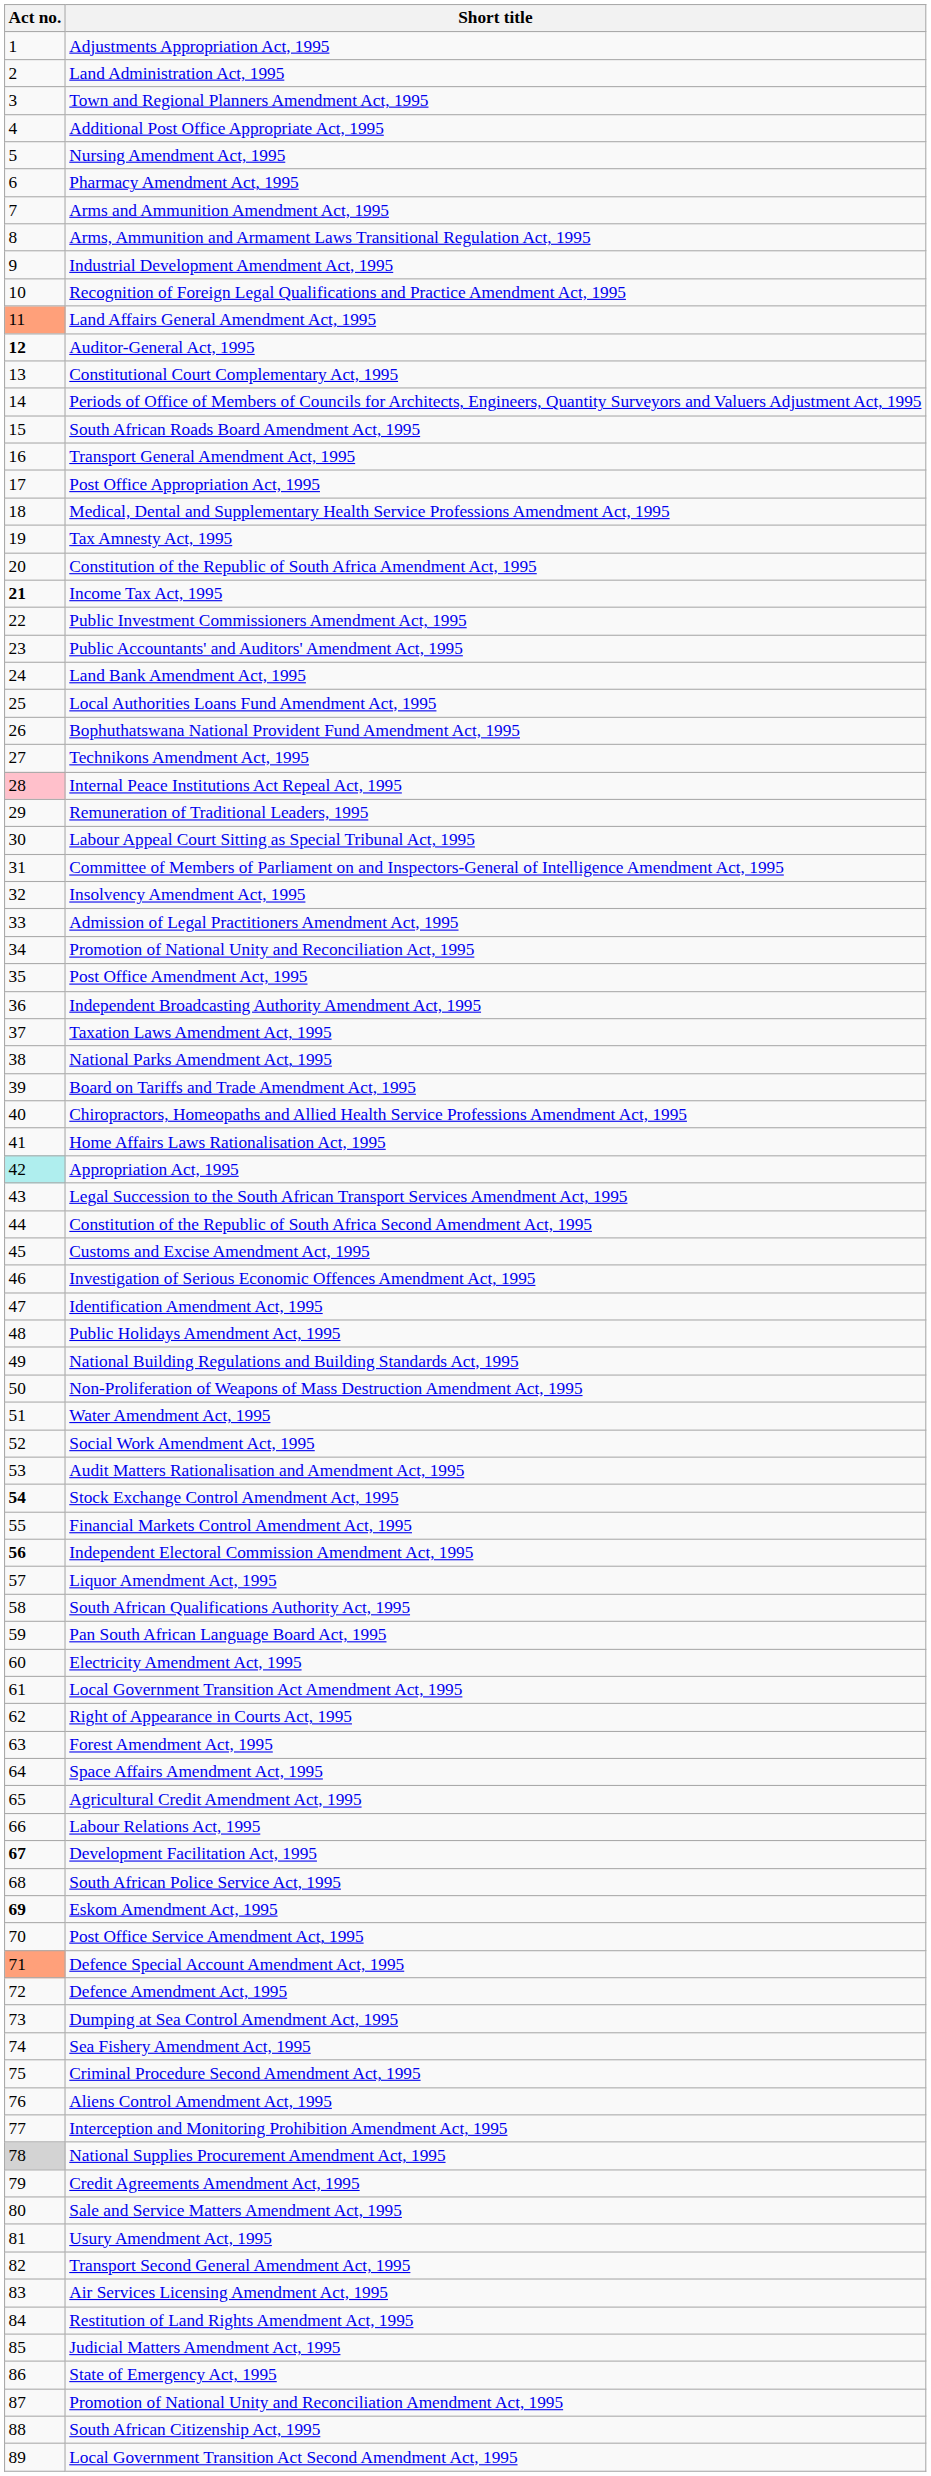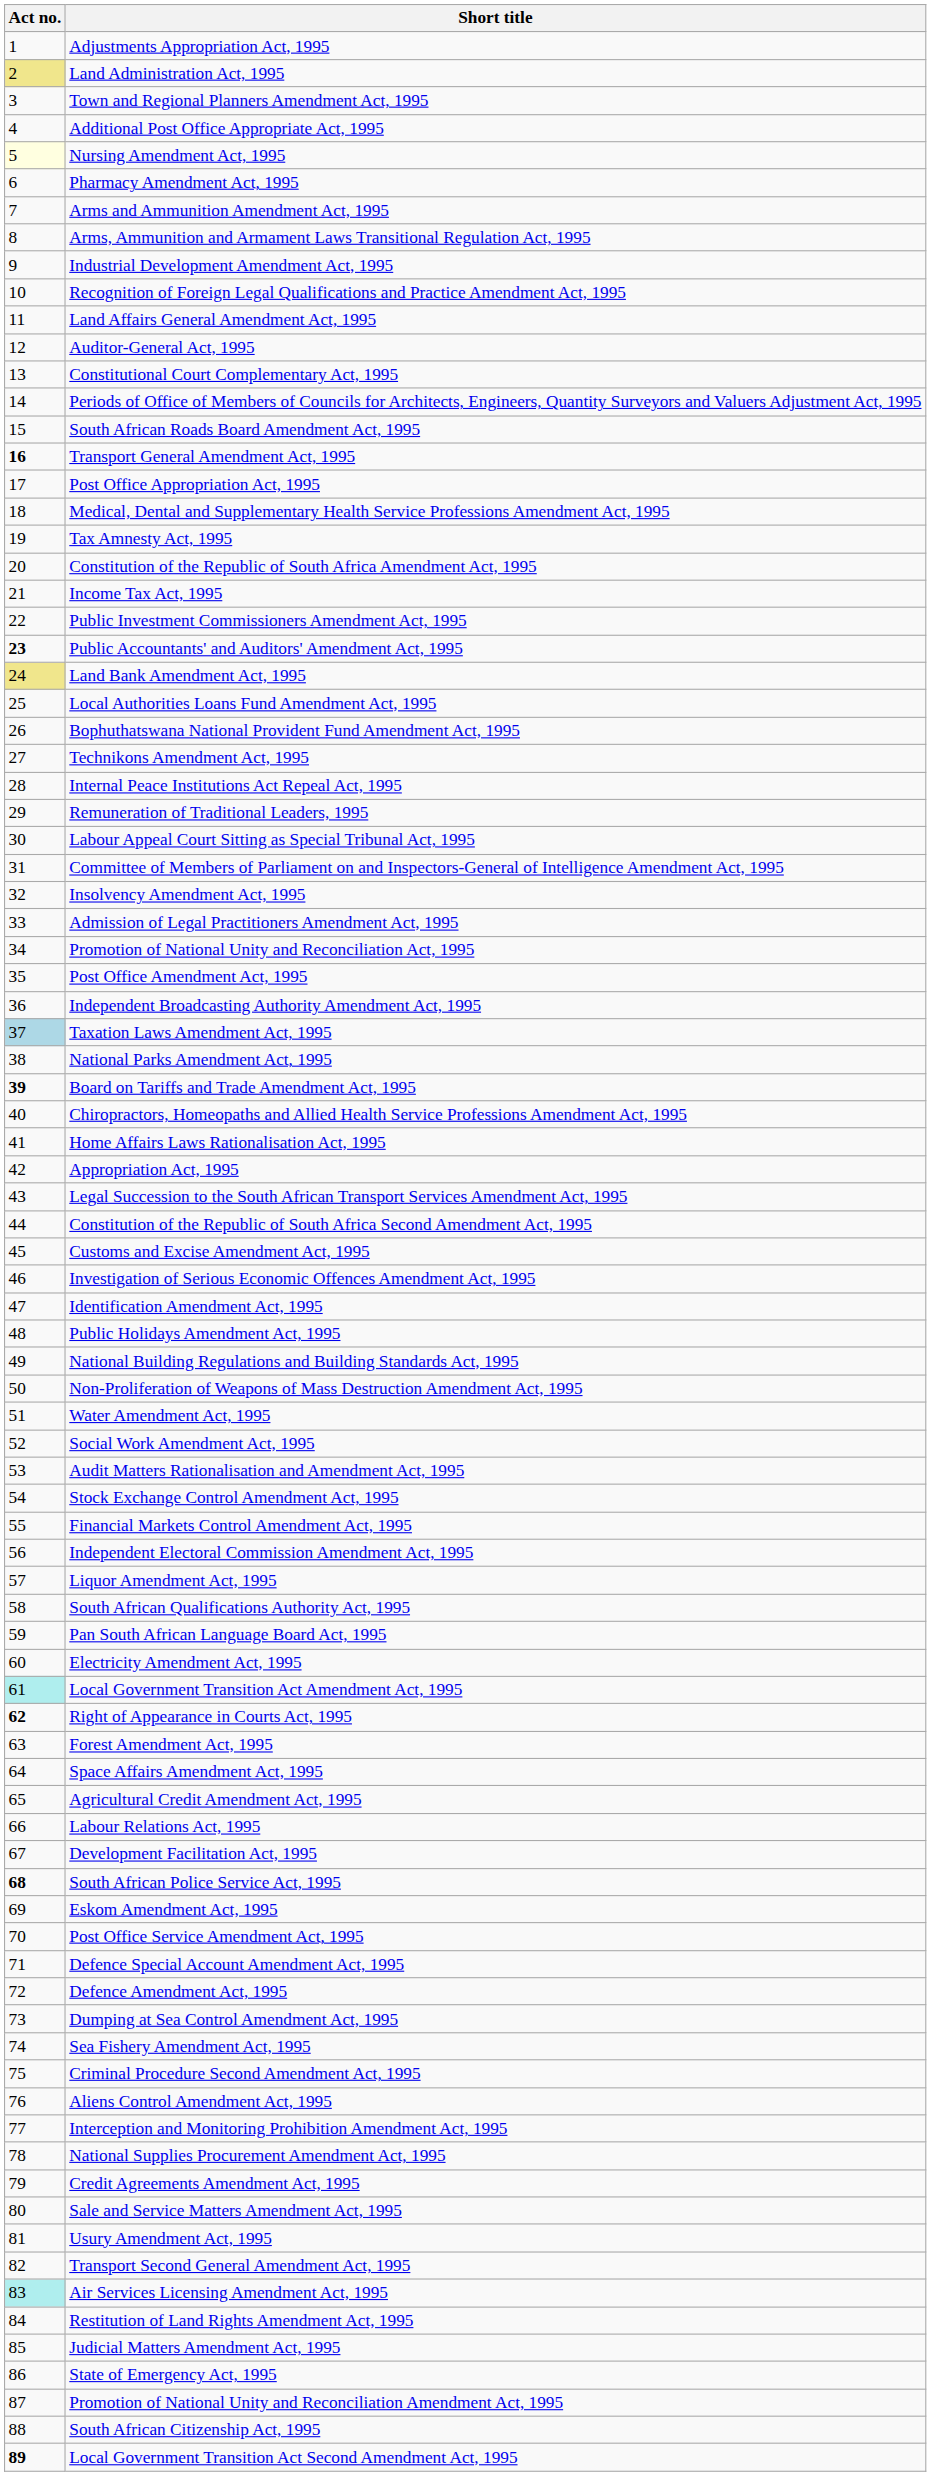 <table class="wikitable sortable">
 <tr>
 <th>Act no.</th>
 <th>Short title</th>
 </tr>
 <tr>
 <td>1</td>
 <td><a href='#'>Adjustments Appropriation Act, 1995</a></td>
 </tr>
 <tr>
-<td>2</td>
+<td style="background: khaki;">2</td>
 <td><a href='#'>Land Administration Act, 1995</a></td>
 </tr>
 <tr>
 <td>3</td>
 <td><a href='#'>Town and Regional Planners Amendment Act, 1995</a></td>
 </tr>
 <tr>
 <td>4</td>
 <td><a href='#'>Additional Post Office Appropriate Act, 1995</a></td>
 </tr>
 <tr>
-<td>5</td>
+<td style="background: lightyellow;">5</td>
 <td><a href='#'>Nursing Amendment Act, 1995</a></td>
 </tr>
 <tr>
 <td>6</td>
 <td><a href='#'>Pharmacy Amendment Act, 1995</a></td>
 </tr>
 <tr>
 <td>7</td>
 <td><a href='#'>Arms and Ammunition Amendment Act, 1995</a></td>
 </tr>
 <tr>
 <td>8</td>
 <td><a href='#'>Arms, Ammunition and Armament Laws Transitional Regulation Act, 1995</a></td>
 </tr>
 <tr>
 <td>9</td>
 <td><a href='#'>Industrial Development Amendment Act, 1995</a></td>
 </tr>
 <tr>
 <td>10</td>
 <td><a href='#'>Recognition of Foreign Legal Qualifications and Practice Amendment Act, 1995</a></td>
 </tr>
 <tr>
-<td style="background: lightsalmon;">11</td>
+<td>11</td>
 <td><a href='#'>Land Affairs General Amendment Act, 1995</a></td>
 </tr>
 <tr>
-<td><strong>12</strong></td>
+<td>12</td>
 <td><a href='#'>Auditor-General Act, 1995</a></td>
 </tr>
 <tr>
 <td>13</td>
 <td><a href='#'>Constitutional Court Complementary Act, 1995</a></td>
 </tr>
 <tr>
 <td>14</td>
 <td><a href='#'>Periods of Office of Members of Councils for Architects, Engineers, Quantity Surveyors and Valuers Adjustment Act, 1995</a></td>
 </tr>
 <tr>
 <td>15</td>
 <td><a href='#'>South African Roads Board Amendment Act, 1995</a></td>
 </tr>
 <tr>
-<td>16</td>
+<td><strong>16</strong></td>
 <td><a href='#'>Transport General Amendment Act, 1995</a></td>
 </tr>
 <tr>
 <td>17</td>
 <td><a href='#'>Post Office Appropriation Act, 1995</a></td>
 </tr>
 <tr>
 <td>18</td>
 <td><a href='#'>Medical, Dental and Supplementary Health Service Professions Amendment Act, 1995</a></td>
 </tr>
 <tr>
 <td>19</td>
 <td><a href='#'>Tax Amnesty Act, 1995</a></td>
 </tr>
 <tr>
 <td>20</td>
 <td><a href='#'>Constitution of the Republic of South Africa Amendment Act, 1995</a></td>
 </tr>
 <tr>
-<td><strong>21</strong></td>
+<td>21</td>
 <td><a href='#'>Income Tax Act, 1995</a></td>
 </tr>
 <tr>
 <td>22</td>
 <td><a href='#'>Public Investment Commissioners Amendment Act, 1995</a></td>
 </tr>
 <tr>
-<td>23</td>
+<td><strong>23</strong></td>
 <td><a href='#'>Public Accountants' and Auditors' Amendment Act, 1995</a></td>
 </tr>
 <tr>
-<td>24</td>
+<td style="background: khaki;">24</td>
 <td><a href='#'>Land Bank Amendment Act, 1995</a></td>
 </tr>
 <tr>
 <td>25</td>
 <td><a href='#'>Local Authorities Loans Fund Amendment Act, 1995</a></td>
 </tr>
 <tr>
 <td>26</td>
 <td><a href='#'>Bophuthatswana National Provident Fund Amendment Act, 1995</a></td>
 </tr>
 <tr>
 <td>27</td>
 <td><a href='#'>Technikons Amendment Act, 1995</a></td>
 </tr>
 <tr>
-<td style="background: pink;">28</td>
+<td>28</td>
 <td><a href='#'>Internal Peace Institutions Act Repeal Act, 1995</a></td>
 </tr>
 <tr>
 <td>29</td>
 <td><a href='#'>Remuneration of Traditional Leaders, 1995</a></td>
 </tr>
 <tr>
 <td>30</td>
 <td><a href='#'>Labour Appeal Court Sitting as Special Tribunal Act, 1995</a></td>
 </tr>
 <tr>
 <td>31</td>
 <td><a href='#'>Committee of Members of Parliament on and Inspectors-General of Intelligence Amendment Act, 1995</a></td>
 </tr>
 <tr>
 <td>32</td>
 <td><a href='#'>Insolvency Amendment Act, 1995</a></td>
 </tr>
 <tr>
 <td>33</td>
 <td><a href='#'>Admission of Legal Practitioners Amendment Act, 1995</a></td>
 </tr>
 <tr>
 <td>34</td>
 <td><a href='#'>Promotion of National Unity and Reconciliation Act, 1995</a></td>
 </tr>
 <tr>
 <td>35</td>
 <td><a href='#'>Post Office Amendment Act, 1995</a></td>
 </tr>
 <tr>
 <td>36</td>
 <td><a href='#'>Independent Broadcasting Authority Amendment Act, 1995</a></td>
 </tr>
 <tr>
-<td>37</td>
+<td style="background: lightblue;">37</td>
 <td><a href='#'>Taxation Laws Amendment Act, 1995</a></td>
 </tr>
 <tr>
 <td>38</td>
 <td><a href='#'>National Parks Amendment Act, 1995</a></td>
 </tr>
 <tr>
-<td>39</td>
+<td><strong>39</strong></td>
 <td><a href='#'>Board on Tariffs and Trade Amendment Act, 1995</a></td>
 </tr>
 <tr>
 <td>40</td>
 <td><a href='#'>Chiropractors, Homeopaths and Allied Health Service Professions Amendment Act, 1995</a></td>
 </tr>
 <tr>
 <td>41</td>
 <td><a href='#'>Home Affairs Laws Rationalisation Act, 1995</a></td>
 </tr>
 <tr>
-<td style="background: paleturquoise;">42</td>
+<td>42</td>
 <td><a href='#'>Appropriation Act, 1995</a></td>
 </tr>
 <tr>
 <td>43</td>
 <td><a href='#'>Legal Succession to the South African Transport Services Amendment Act, 1995</a></td>
 </tr>
 <tr>
 <td>44</td>
 <td><a href='#'>Constitution of the Republic of South Africa Second Amendment Act, 1995</a></td>
 </tr>
 <tr>
 <td>45</td>
 <td><a href='#'>Customs and Excise Amendment Act, 1995</a></td>
 </tr>
 <tr>
 <td>46</td>
 <td><a href='#'>Investigation of Serious Economic Offences Amendment Act, 1995</a></td>
 </tr>
 <tr>
 <td>47</td>
 <td><a href='#'>Identification Amendment Act, 1995</a></td>
 </tr>
 <tr>
 <td>48</td>
 <td><a href='#'>Public Holidays Amendment Act, 1995</a></td>
 </tr>
 <tr>
 <td>49</td>
 <td><a href='#'>National Building Regulations and Building Standards Act, 1995</a></td>
 </tr>
 <tr>
 <td>50</td>
 <td><a href='#'>Non-Proliferation of Weapons of Mass Destruction Amendment Act, 1995</a></td>
 </tr>
 <tr>
 <td>51</td>
 <td><a href='#'>Water Amendment Act, 1995</a></td>
 </tr>
 <tr>
 <td>52</td>
 <td><a href='#'>Social Work Amendment Act, 1995</a></td>
 </tr>
 <tr>
 <td>53</td>
 <td><a href='#'>Audit Matters Rationalisation and Amendment Act, 1995</a></td>
 </tr>
 <tr>
-<td><strong>54</strong></td>
+<td>54</td>
 <td><a href='#'>Stock Exchange Control Amendment Act, 1995</a></td>
 </tr>
 <tr>
 <td>55</td>
 <td><a href='#'>Financial Markets Control Amendment Act, 1995</a></td>
 </tr>
 <tr>
-<td><strong>56</strong></td>
+<td>56</td>
 <td><a href='#'>Independent Electoral Commission Amendment Act, 1995</a></td>
 </tr>
 <tr>
 <td>57</td>
 <td><a href='#'>Liquor Amendment Act, 1995</a></td>
 </tr>
 <tr>
 <td>58</td>
 <td><a href='#'>South African Qualifications Authority Act, 1995</a></td>
 </tr>
 <tr>
 <td>59</td>
 <td><a href='#'>Pan South African Language Board Act, 1995</a></td>
 </tr>
 <tr>
 <td>60</td>
 <td><a href='#'>Electricity Amendment Act, 1995</a></td>
 </tr>
 <tr>
-<td>61</td>
+<td style="background: paleturquoise;">61</td>
 <td><a href='#'>Local Government Transition Act Amendment Act, 1995</a></td>
 </tr>
 <tr>
-<td>62</td>
+<td><strong>62</strong></td>
 <td><a href='#'>Right of Appearance in Courts Act, 1995</a></td>
 </tr>
 <tr>
 <td>63</td>
 <td><a href='#'>Forest Amendment Act, 1995</a></td>
 </tr>
 <tr>
 <td>64</td>
 <td><a href='#'>Space Affairs Amendment Act, 1995</a></td>
 </tr>
 <tr>
 <td>65</td>
 <td><a href='#'>Agricultural Credit Amendment Act, 1995</a></td>
 </tr>
 <tr>
 <td>66</td>
 <td><a href='#'>Labour Relations Act, 1995</a></td>
 </tr>
 <tr>
-<td><strong>67</strong></td>
+<td>67</td>
 <td><a href='#'>Development Facilitation Act, 1995</a></td>
 </tr>
 <tr>
-<td>68</td>
+<td><strong>68</strong></td>
 <td><a href='#'>South African Police Service Act, 1995</a></td>
 </tr>
 <tr>
-<td><strong>69</strong></td>
+<td>69</td>
 <td><a href='#'>Eskom Amendment Act, 1995</a></td>
 </tr>
 <tr>
 <td>70</td>
 <td><a href='#'>Post Office Service Amendment Act, 1995</a></td>
 </tr>
 <tr>
-<td style="background: lightsalmon;">71</td>
+<td>71</td>
 <td><a href='#'>Defence Special Account Amendment Act, 1995</a></td>
 </tr>
 <tr>
 <td>72</td>
 <td><a href='#'>Defence Amendment Act, 1995</a></td>
 </tr>
 <tr>
 <td>73</td>
 <td><a href='#'>Dumping at Sea Control Amendment Act, 1995</a></td>
 </tr>
 <tr>
 <td>74</td>
 <td><a href='#'>Sea Fishery Amendment Act, 1995</a></td>
 </tr>
 <tr>
 <td>75</td>
 <td><a href='#'>Criminal Procedure Second Amendment Act, 1995</a></td>
 </tr>
 <tr>
 <td>76</td>
 <td><a href='#'>Aliens Control Amendment Act, 1995</a></td>
 </tr>
 <tr>
 <td>77</td>
 <td><a href='#'>Interception and Monitoring Prohibition Amendment Act, 1995</a></td>
 </tr>
 <tr>
-<td style="background: lightgrey;">78</td>
+<td>78</td>
 <td><a href='#'>National Supplies Procurement Amendment Act, 1995</a></td>
 </tr>
 <tr>
 <td>79</td>
 <td><a href='#'>Credit Agreements Amendment Act, 1995</a></td>
 </tr>
 <tr>
 <td>80</td>
 <td><a href='#'>Sale and Service Matters Amendment Act, 1995</a></td>
 </tr>
 <tr>
 <td>81</td>
 <td><a href='#'>Usury Amendment Act, 1995</a></td>
 </tr>
 <tr>
 <td>82</td>
 <td><a href='#'>Transport Second General Amendment Act, 1995</a></td>
 </tr>
 <tr>
-<td>83</td>
+<td style="background: paleturquoise;">83</td>
 <td><a href='#'>Air Services Licensing Amendment Act, 1995</a></td>
 </tr>
 <tr>
 <td>84</td>
 <td><a href='#'>Restitution of Land Rights Amendment Act, 1995</a></td>
 </tr>
 <tr>
 <td>85</td>
 <td><a href='#'>Judicial Matters Amendment Act, 1995</a></td>
 </tr>
 <tr>
 <td>86</td>
 <td><a href='#'>State of Emergency Act, 1995</a></td>
 </tr>
 <tr>
 <td>87</td>
 <td><a href='#'>Promotion of National Unity and Reconciliation Amendment Act, 1995</a></td>
 </tr>
 <tr>
 <td>88</td>
 <td><a href='#'>South African Citizenship Act, 1995</a></td>
 </tr>
 <tr>
-<td>89</td>
+<td><strong>89</strong></td>
 <td><a href='#'>Local Government Transition Act Second Amendment Act, 1995</a></td>
 </tr>
 </table>
